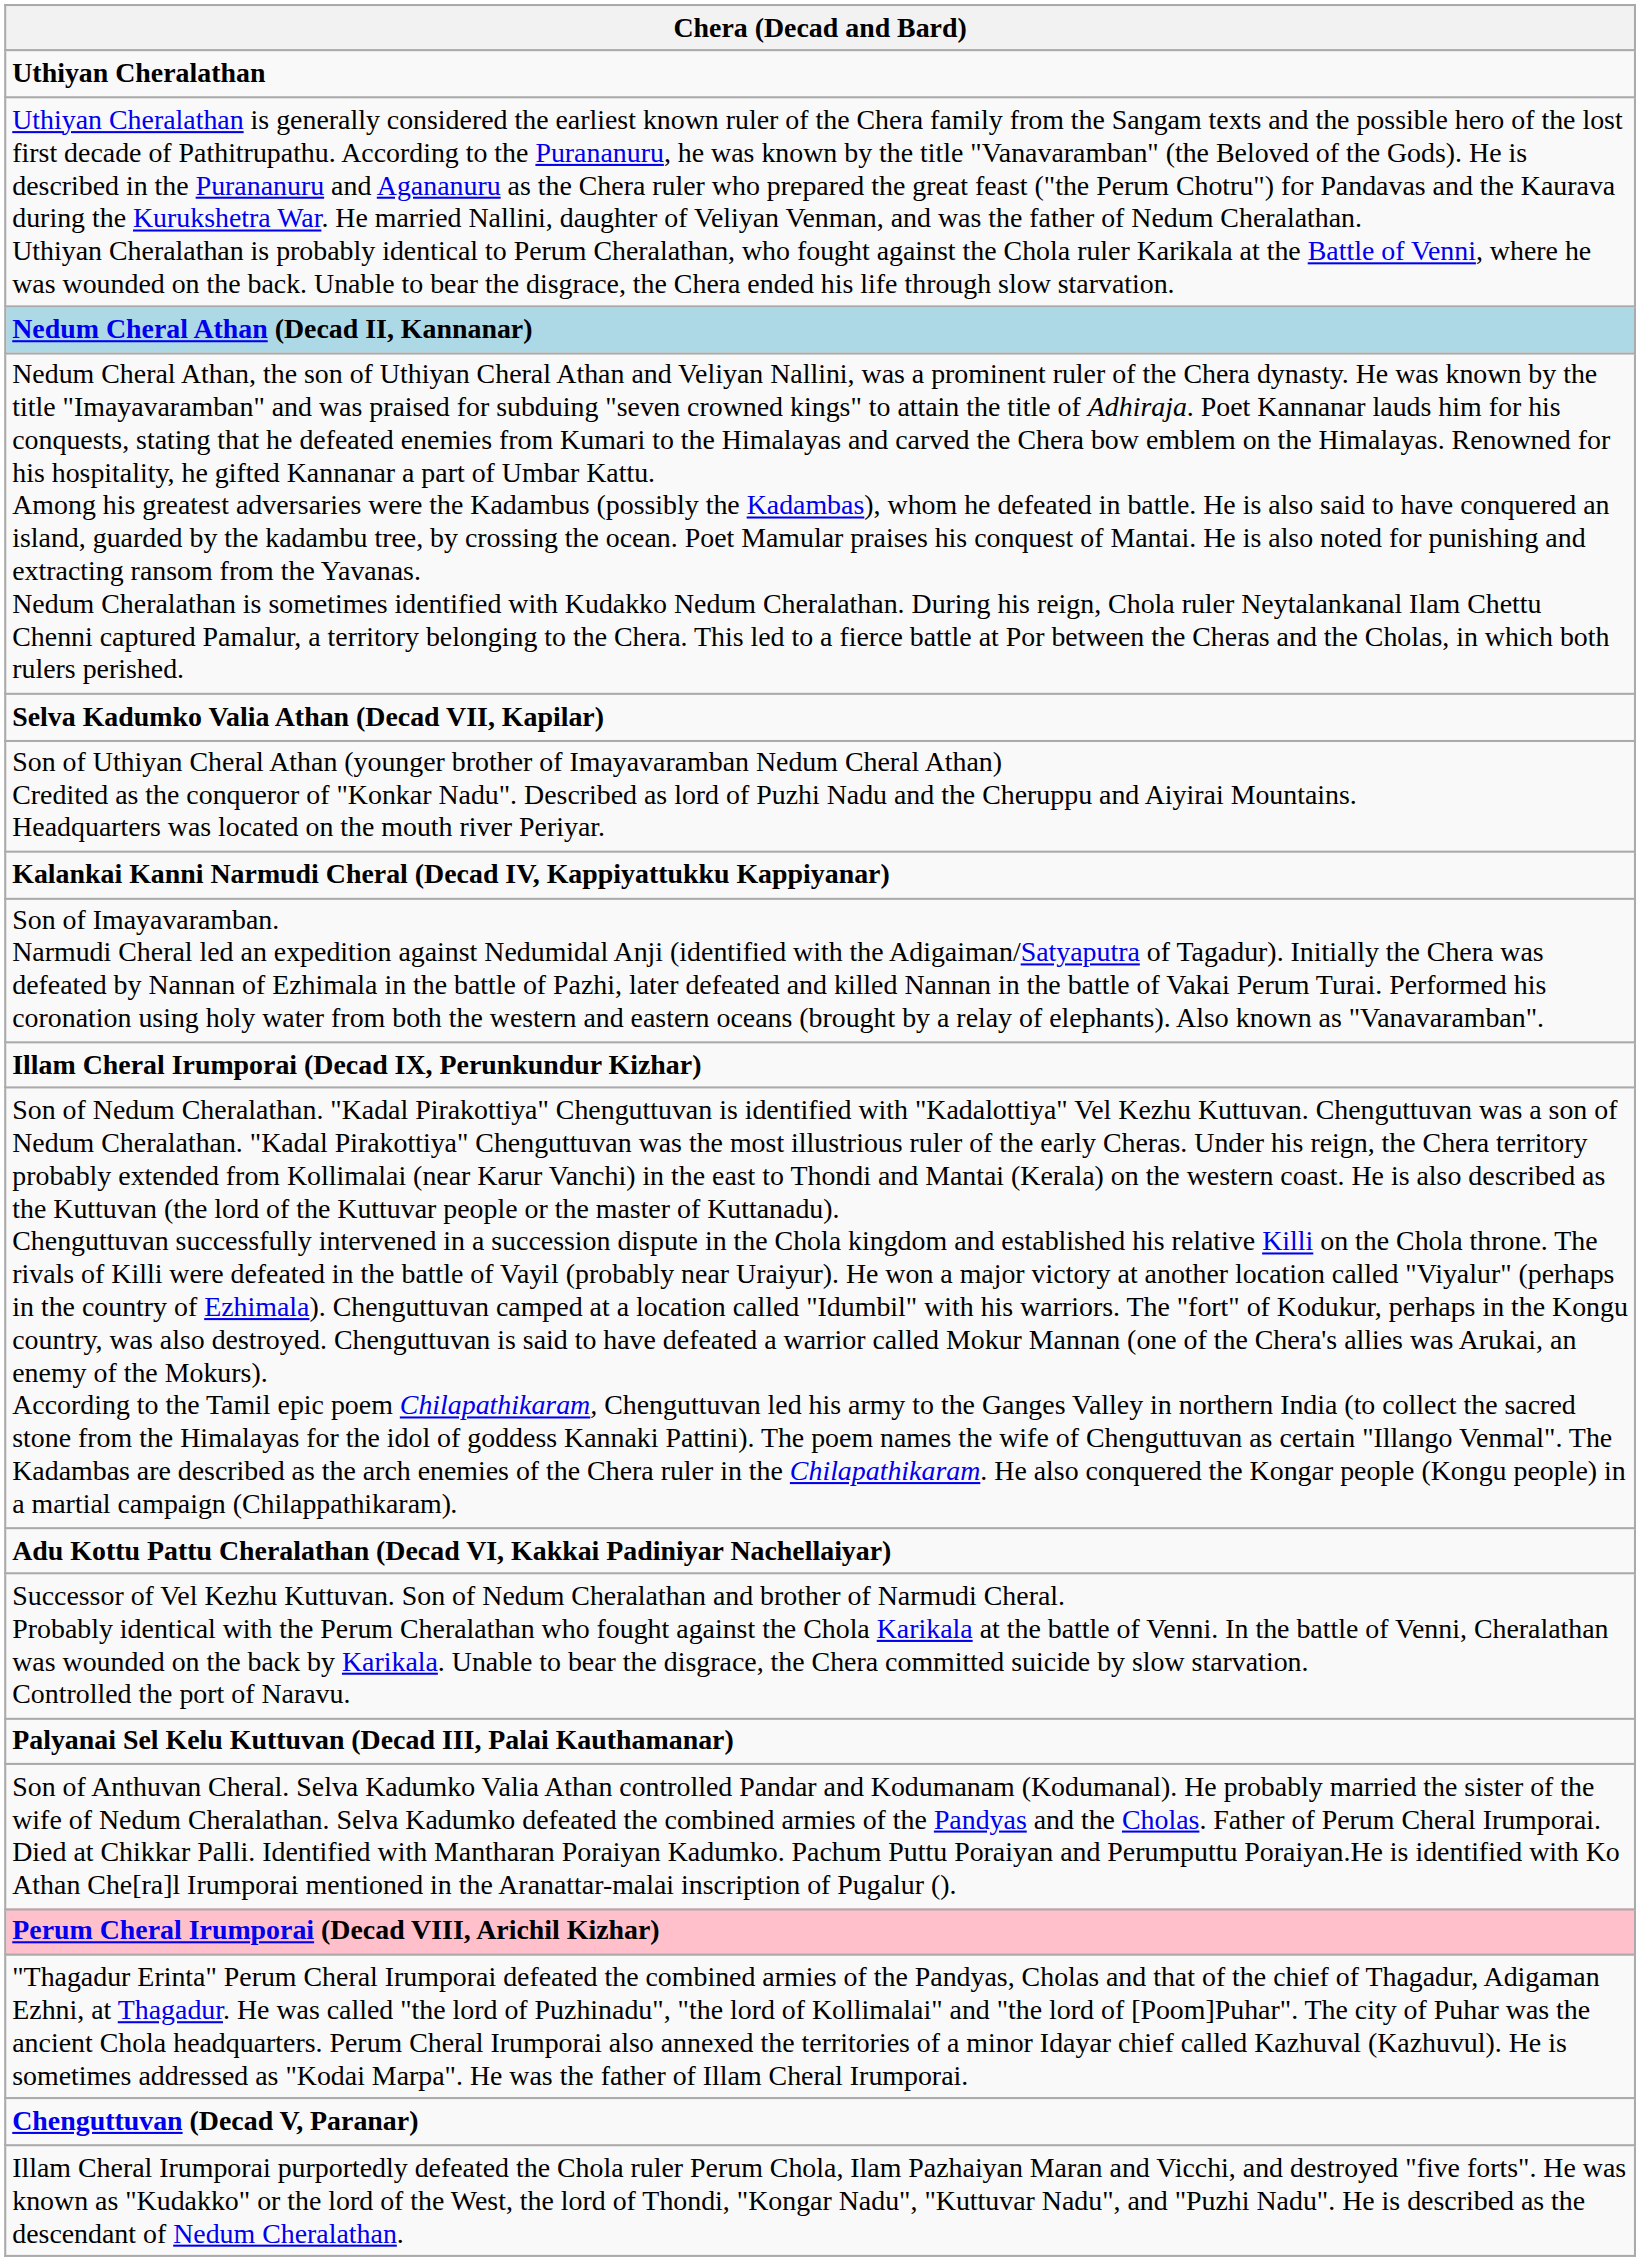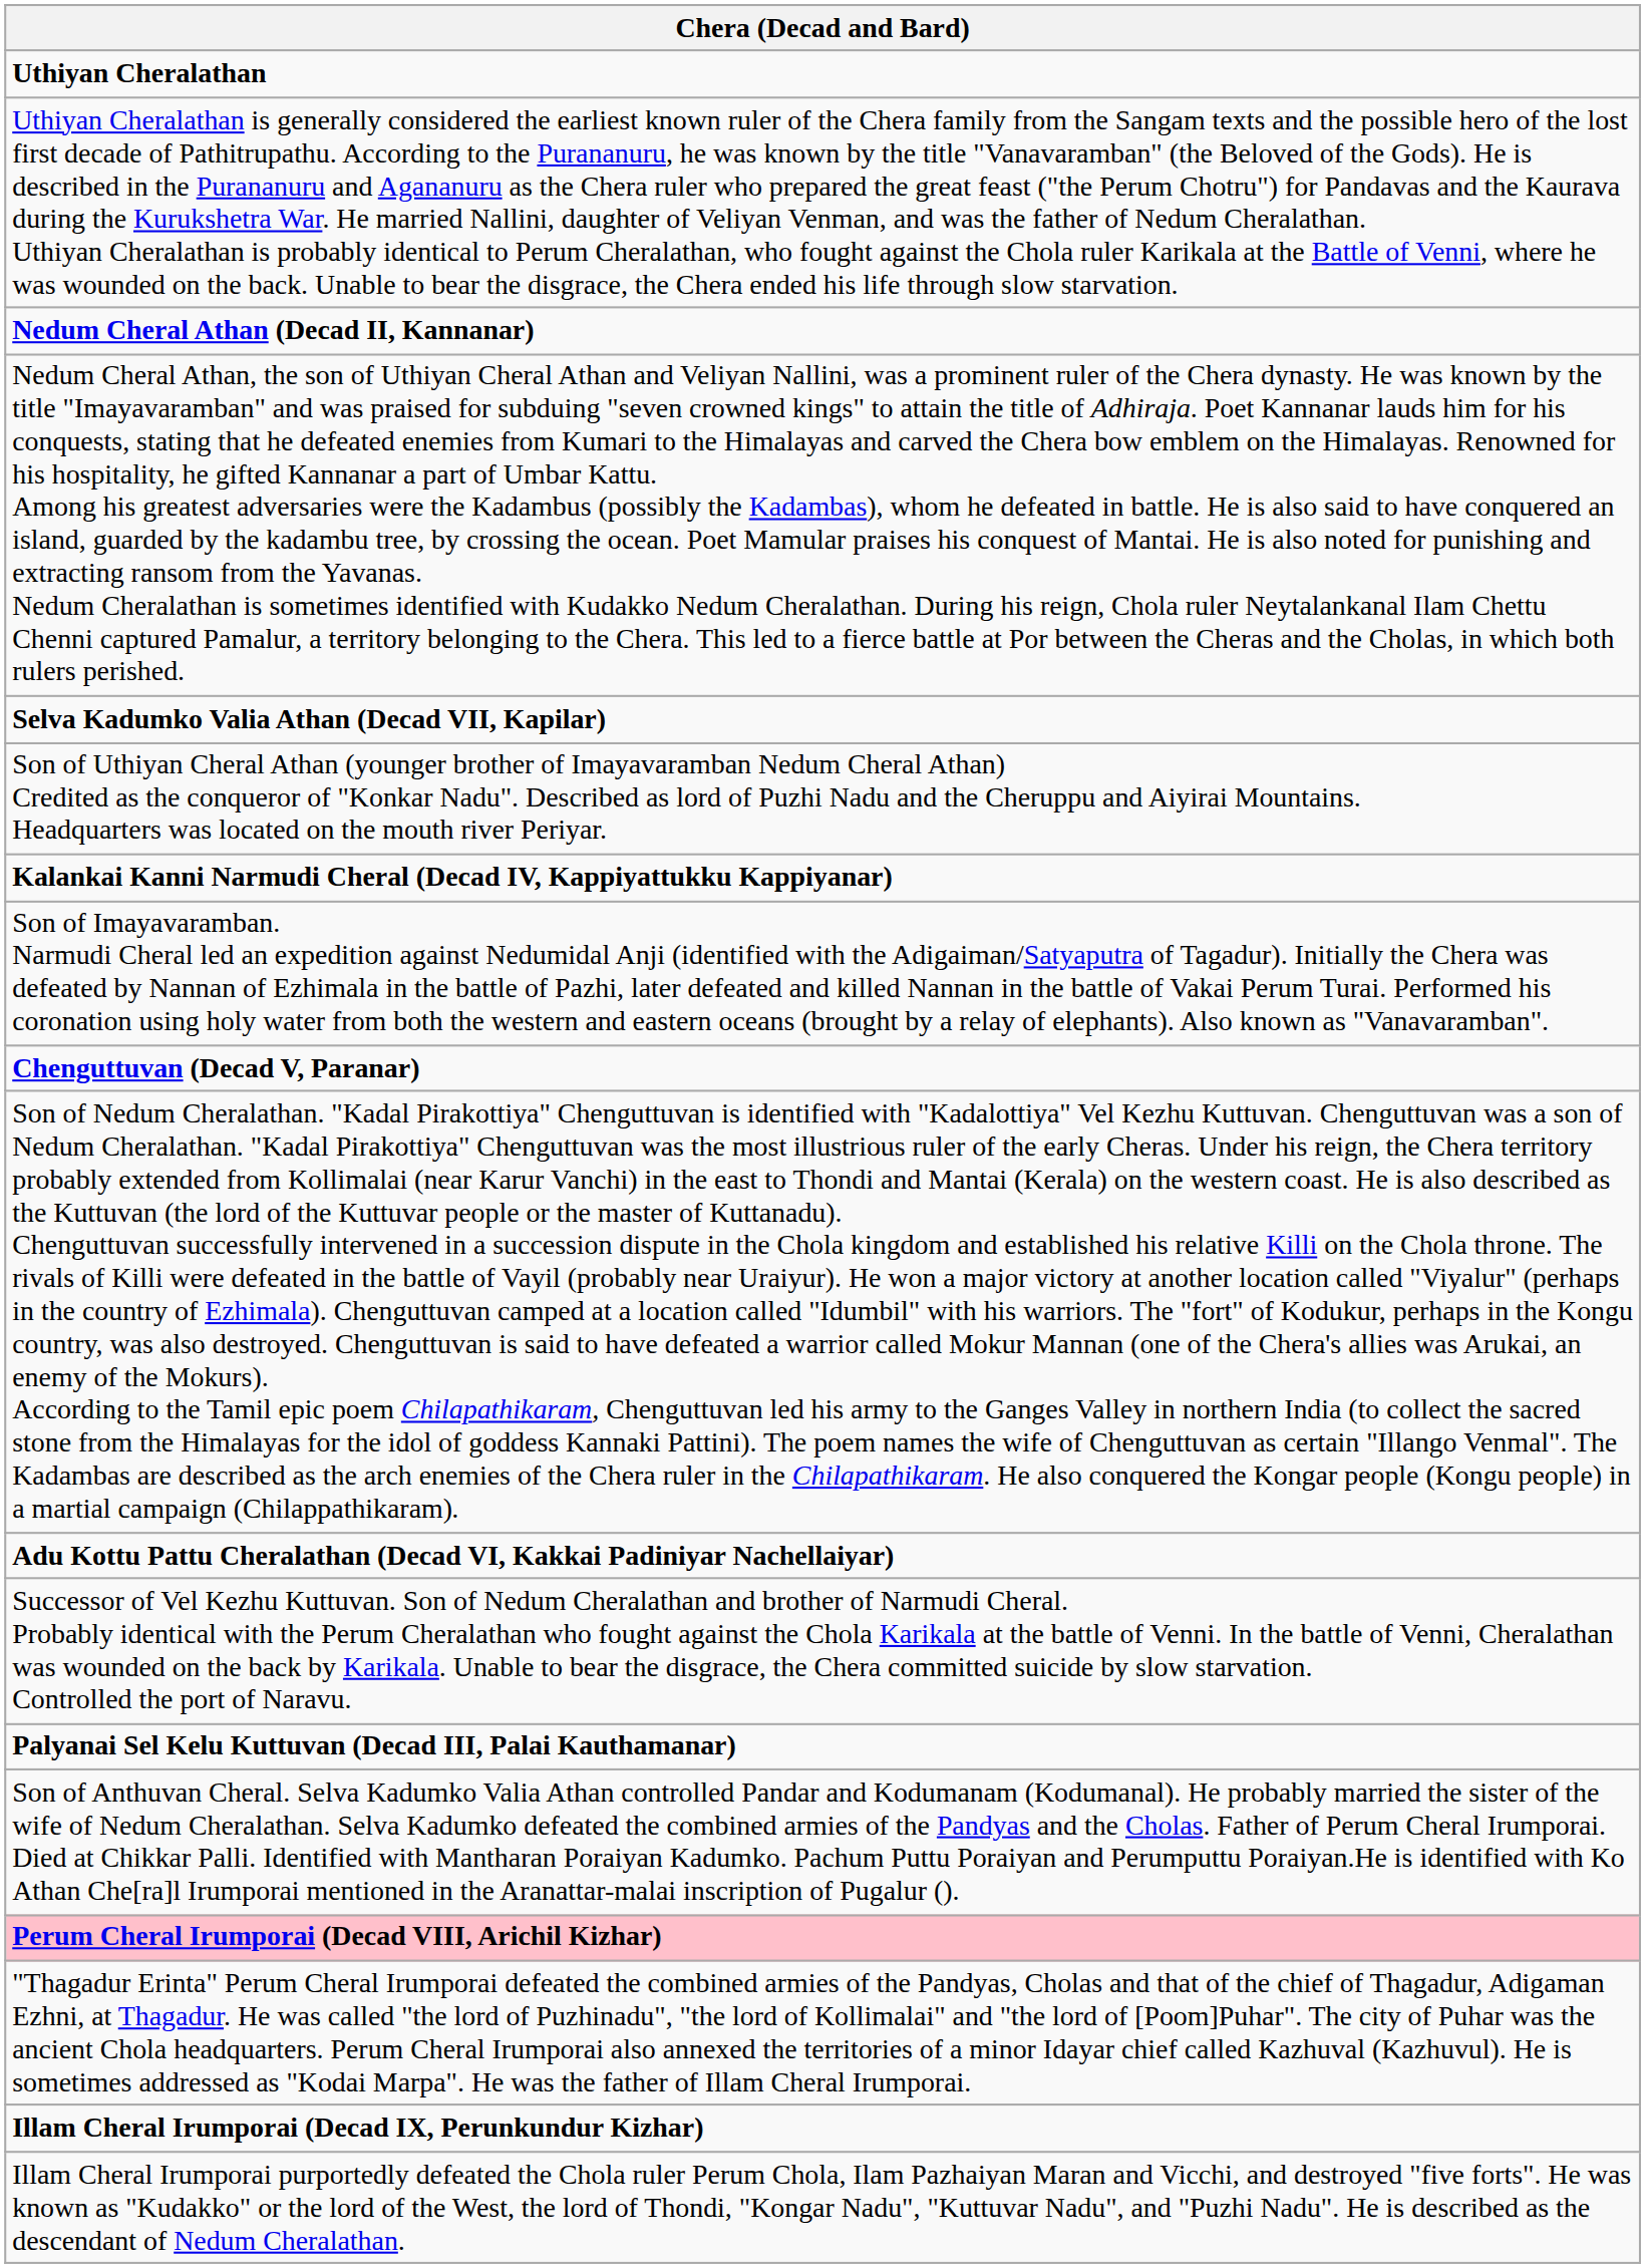 <table class="wikitable" style="width: 90%; font-size: 85%; margin-left: auto; margin-right: auto; border: none;">
 <tr>
 <th scope="col" style="width: 150px;">Chera (Decad and Bard)</th>
 </tr>
 <tr>
 <td><strong>Uthiyan Cheralathan</strong></td>
 </tr>
 <tr>
 <td><a href='#'>Uthiyan Cheralathan</a> is generally considered the earliest known ruler of the Chera family from the Sangam texts and the possible hero of the lost first decade of Pathitrupathu. According to the <a href='#'>Purananuru</a>, he was known by the title "Vanavaramban" (the Beloved of the Gods). He is described in the <a href='#'>Purananuru</a> and <a href='#'>Agananuru</a> as the Chera ruler who prepared the great feast ("the Perum Chotru") for Pandavas and the Kaurava during the <a href='#'>Kurukshetra War</a>. He married Nallini, daughter of Veliyan Venman, and was the father of Nedum Cheralathan.<br>Uthiyan Cheralathan is probably identical to Perum Cheralathan, who fought against the Chola ruler Karikala at the <a href='#'>Battle of Venni</a>, where he was wounded on the back. Unable to bear the disgrace, the Chera ended his life through slow starvation.</td>
 </tr>
 <tr>
-<td style="background: lightblue;"><strong><a href='#'>Nedum Cheral Athan</a> (Decad II, Kannanar)</strong></td>
+<td><strong><a href='#'>Nedum Cheral Athan</a> (Decad II, Kannanar)</strong></td>
 </tr>
 <tr>
 <td>Nedum Cheral Athan, the son of Uthiyan Cheral Athan and Veliyan Nallini, was a prominent ruler of the Chera dynasty. He was known by the title "Imayavaramban" and was praised for subduing "seven crowned kings" to attain the title of <em>Adhiraja</em>. Poet Kannanar lauds him for his conquests, stating that he defeated enemies from Kumari to the Himalayas and carved the Chera bow emblem on the Himalayas. Renowned for his hospitality, he gifted Kannanar a part of Umbar Kattu.<br>Among his greatest adversaries were the Kadambus (possibly the <a href='#'>Kadambas</a>), whom he defeated in battle. He is also said to have conquered an island, guarded by the kadambu tree, by crossing the ocean. Poet Mamular praises his conquest of Mantai. He is also noted for punishing and extracting ransom from the Yavanas.<br>Nedum Cheralathan is sometimes identified with Kudakko Nedum Cheralathan. During his reign, Chola ruler Neytalankanal Ilam Chettu Chenni captured Pamalur, a territory belonging to the Chera. This led to a fierce battle at Por between the Cheras and the Cholas, in which both rulers perished.</td>
 </tr>
 <tr>
 <td><strong>Selva Kadumko Valia Athan (Decad VII, Kapilar)</strong></td>
 </tr>
 <tr>
 <td>Son of Uthiyan Cheral Athan (younger brother of Imayavaramban Nedum Cheral Athan)<br>Credited as the conqueror of "Konkar Nadu". Described as lord of Puzhi Nadu and the Cheruppu and Aiyirai Mountains.<br>Headquarters was located on the mouth river Periyar.</td>
 </tr>
 <tr>
 <td><strong>Kalankai Kanni Narmudi Cheral (Decad IV, Kappiyattukku Kappiyanar)</strong></td>
 </tr>
 <tr>
 <td>Son of Imayavaramban.<br>Narmudi Cheral led an expedition against Nedumidal Anji (identified with the Adigaiman/<a href='#'>Satyaputra</a> of Tagadur). Initially the Chera was defeated by Nannan of Ezhimala in the battle of Pazhi, later defeated and killed Nannan in the battle of Vakai Perum Turai. Performed his coronation using holy water from both the western and eastern oceans (brought by a relay of elephants). Also known as "Vanavaramban".</td>
 </tr>
 <tr>
-<td><strong>Illam Cheral Irumporai (Decad IX, Perunkundur Kizhar)</strong></td>
+<td><strong><a href='#'>Chenguttuvan</a> (Decad V, Paranar)</strong></td>
 </tr>
 <tr>
 <td>Son of Nedum Cheralathan. "Kadal Pirakottiya" Chenguttuvan is identified with "Kadalottiya" Vel Kezhu Kuttuvan. Chenguttuvan was a son of Nedum Cheralathan.  "Kadal Pirakottiya" Chenguttuvan was the most illustrious ruler of the early Cheras. Under his reign, the Chera territory probably extended from Kollimalai (near Karur Vanchi) in the east to Thondi and Mantai (Kerala) on the western coast. He is also described as the Kuttuvan (the lord of the Kuttuvar people or the master of Kuttanadu).<br>Chenguttuvan successfully intervened in a succession dispute in the Chola kingdom and established his relative <a href='#'>Killi</a> on the Chola throne. The rivals of Killi were defeated in the battle of Vayil (probably near Uraiyur). He won a major victory at another location called "Viyalur" (perhaps in the country of <a href='#'>Ezhimala</a>). Chenguttuvan camped at a location called "Idumbil" with his warriors. The "fort" of Kodukur, perhaps in the Kongu country, was also destroyed. Chenguttuvan is said to have defeated a warrior called Mokur Mannan (one of the Chera's allies was Arukai, an enemy of the Mokurs).<br>According to the Tamil epic poem <em><a href='#'>Chilapathikaram</a>,</em> Chenguttuvan led his army to the Ganges Valley in northern India (to collect the sacred stone from the Himalayas for the idol of goddess Kannaki Pattini). The poem names the wife of Chenguttuvan as certain "Illango Venmal". The Kadambas are described as the arch enemies of the Chera ruler in the <em><a href='#'>Chilapathikaram</a></em>. He also conquered the Kongar people (Kongu people) in a martial campaign (Chilappathikaram)<em>.</em></td>
 </tr>
 <tr>
 <td><strong>Adu Kottu Pattu Cheralathan (Decad VI, Kakkai Padiniyar Nachellaiyar)</strong></td>
 </tr>
 <tr>
 <td>Successor of Vel Kezhu Kuttuvan. Son of Nedum Cheralathan and brother of Narmudi Cheral.<br>Probably identical with the Perum Cheralathan who fought against the Chola <a href='#'>Karikala</a> at the battle of Venni. In the battle of Venni, Cheralathan was wounded on the back by <a href='#'>Karikala</a>. Unable to bear the disgrace, the Chera committed suicide by slow starvation.<br>Controlled the port of Naravu.</td>
 </tr>
 <tr>
 <td><strong>Palyanai Sel Kelu Kuttuvan (Decad III, Palai Kauthamanar)</strong></td>
 </tr>
 <tr>
 <td>Son of Anthuvan Cheral. Selva Kadumko Valia Athan controlled Pandar and Kodumanam (Kodumanal). He probably married the sister of the wife of Nedum Cheralathan. Selva Kadumko defeated the combined armies of the <a href='#'>Pandyas</a> and the <a href='#'>Cholas</a>. Father of Perum Cheral Irumporai. Died at Chikkar Palli. Identified with Mantharan Poraiyan Kadumko. Pachum Puttu Poraiyan and Perumputtu Poraiyan.He is identified with Ko Athan Che[ra]l Irumporai mentioned in the Aranattar-malai inscription of Pugalur ().</td>
 </tr>
 <tr>
 <td style="background: pink;"><strong><a href='#'>Perum Cheral Irumporai</a> (Decad VIII, Arichil Kizhar)</strong></td>
 </tr>
 <tr>
 <td>"Thagadur Erinta" Perum Cheral Irumporai defeated the combined armies of the Pandyas, Cholas and that of the chief of Thagadur, Adigaman Ezhni, at <a href='#'>Thagadur</a>. He was called "the lord of Puzhinadu", "the lord of Kollimalai" and "the lord of [Poom]Puhar". The city of Puhar was the ancient Chola headquarters. Perum Cheral Irumporai also annexed the territories of a minor Idayar chief called Kazhuval (Kazhuvul). He is sometimes addressed as "Kodai Marpa". He was the father of Illam Cheral Irumporai.</td>
 </tr>
 <tr>
-<td><strong><a href='#'>Chenguttuvan</a> (Decad V, Paranar)</strong></td>
+<td><strong>Illam Cheral Irumporai (Decad IX, Perunkundur Kizhar)</strong></td>
 </tr>
 <tr>
 <td>Illam Cheral Irumporai purportedly defeated the Chola ruler Perum Chola, Ilam Pazhaiyan Maran and Vicchi, and destroyed "five forts". He was known as "Kudakko" or the lord of the West, the lord of Thondi, "Kongar Nadu", "Kuttuvar Nadu", and "Puzhi Nadu". He is described as the descendant of <a href='#'>Nedum Cheralathan</a>.</td>
 </tr>
 </table>
